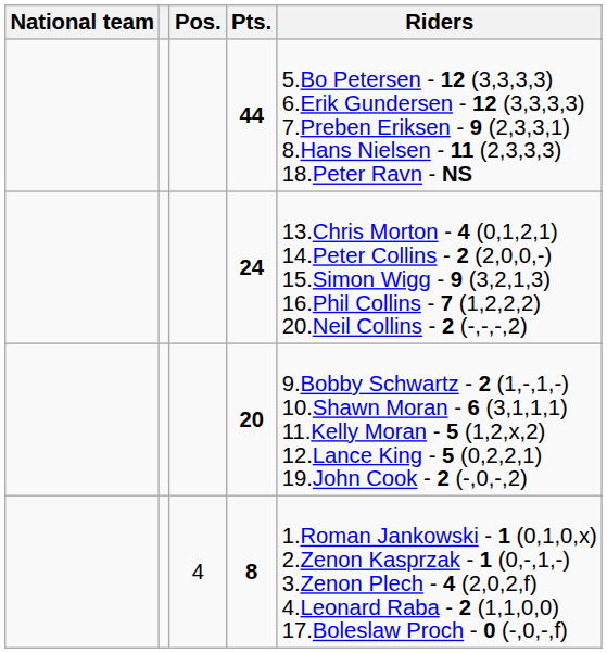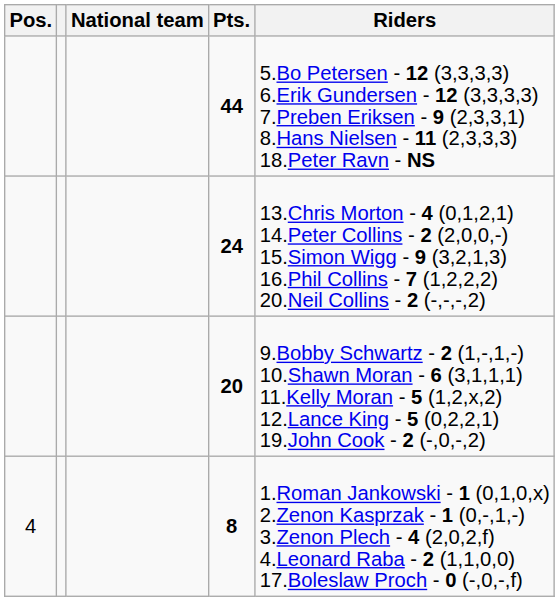 <table class=wikitable style="font-size:93%;">
 <tr>
+<th>Pos.</th>
+<th></th>
 <th>National team</th>
-<th></th>
-<th>Pos.</th>
 <th>Pts.</th>
 <th>Riders</th>
 </tr>
 <tr align=center >
-<td align=left></td>
 <td></td>
 <td></td>
+<td align=left></td>
 <td><strong>44</strong></td>
 <td align=left><br>5.<a href='#'>Bo Petersen</a> - <strong>12</strong> (3,3,3,3) <br> 6.<a href='#'>Erik Gundersen</a> - <strong>12</strong> (3,3,3,3) <br> 7.<a href='#'>Preben Eriksen</a> - <strong>9</strong> (2,3,3,1) <br> 8.<a href='#'>Hans Nielsen</a> - <strong>11</strong> (2,3,3,3) <br> 18.<a href='#'>Peter Ravn</a> - <strong>NS</strong> <br></td>
 </tr>
 <tr align=center >
-<td align=left></td>
 <td></td>
 <td></td>
+<td align=left></td>
 <td><strong>24</strong></td>
 <td align=left><br>13.<a href='#'>Chris Morton</a> - <strong>4</strong> (0,1,2,1) <br> 14.<a href='#'>Peter Collins</a> - <strong>2</strong> (2,0,0,-) <br> 15.<a href='#'>Simon Wigg</a> - <strong>9</strong> (3,2,1,3) <br> 16.<a href='#'>Phil Collins</a> - <strong>7</strong> (1,2,2,2) <br> 20.<a href='#'>Neil Collins</a> - <strong>2</strong> (-,-,-,2) <br></td>
 </tr>
 <tr align=center >
-<td align=left></td>
 <td></td>
 <td></td>
+<td align=left></td>
 <td><strong>20</strong></td>
 <td align=left><br>9.<a href='#'>Bobby Schwartz</a> - <strong>2</strong> (1,-,1,-) <br> 10.<a href='#'>Shawn Moran</a> - <strong>6</strong> (3,1,1,1) <br> 11.<a href='#'>Kelly Moran</a> - <strong>5</strong> (1,2,x,2) <br> 12.<a href='#'>Lance King</a> - <strong>5</strong> (0,2,2,1) <br> 19.<a href='#'>John Cook</a> - <strong>2</strong> (-,0,-,2) <br></td>
 </tr>
 <tr align=center>
+<td>4</td>
+<td></td>
 <td align=left></td>
-<td></td>
-<td>4</td>
 <td><strong>8</strong></td>
 <td align=left><br>1.<a href='#'>Roman Jankowski</a> - <strong>1</strong> (0,1,0,x) <br> 2.<a href='#'>Zenon Kasprzak</a> - <strong>1</strong> (0,-,1,-) <br> 3.<a href='#'>Zenon Plech</a> - <strong>4</strong> (2,0,2,f) <br> 4.<a href='#'>Leonard Raba</a> - <strong>2</strong> (1,1,0,0) <br> 17.<a href='#'>Boleslaw Proch</a> - <strong>0</strong> (-,0,-,f) <br></td>
 </tr>
 </table>
